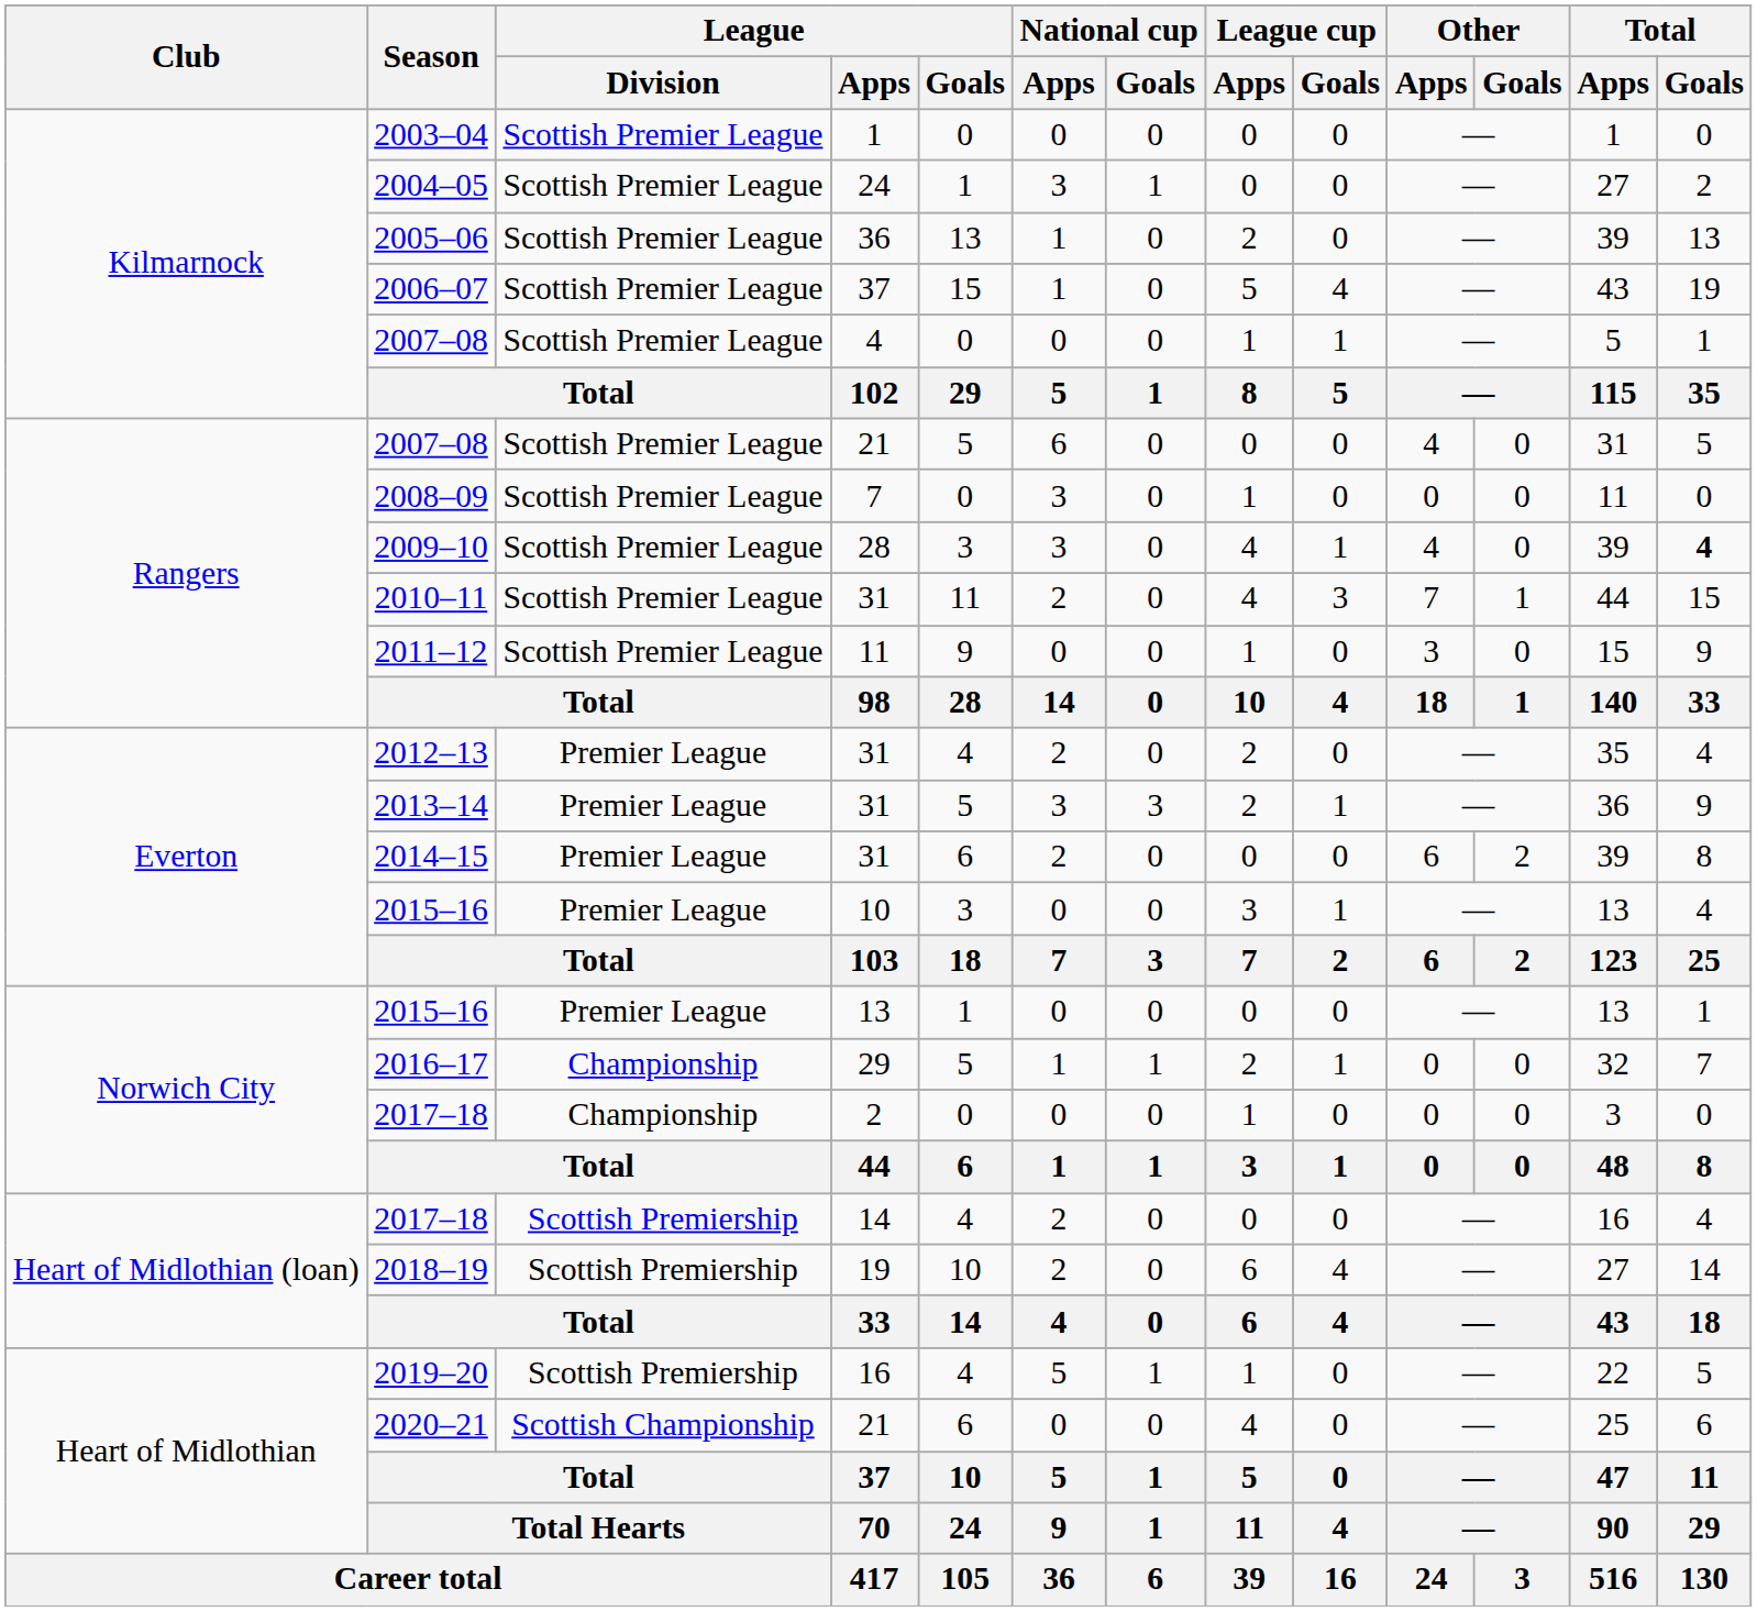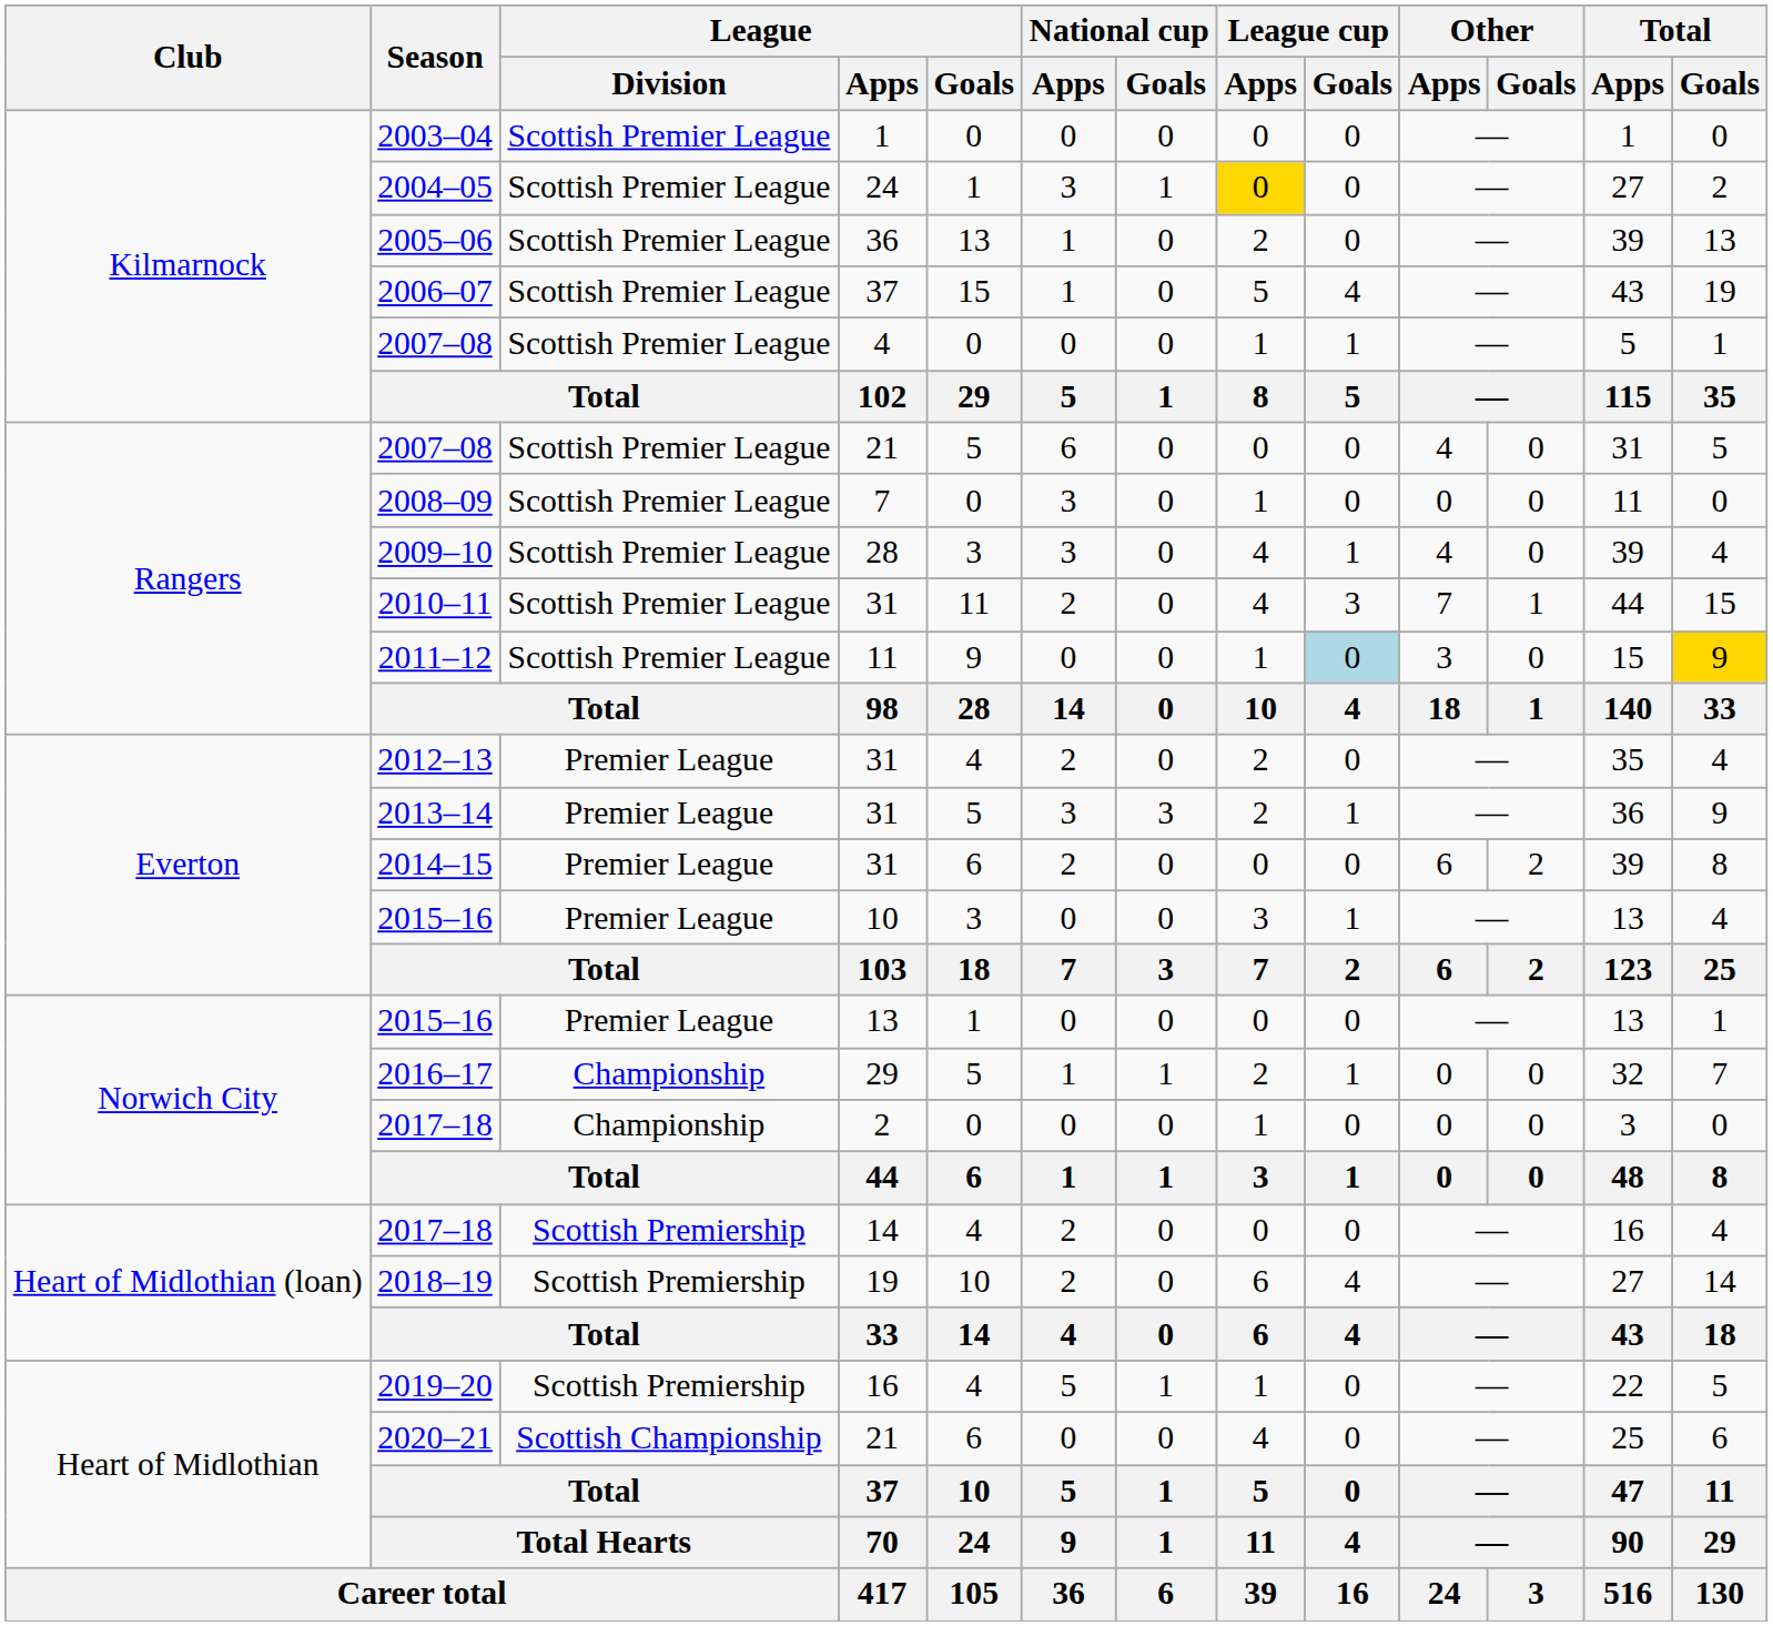 <table class="wikitable" style="text-align:center">
 <tr>
 <th rowspan="2">Club</th>
 <th rowspan="2">Season</th>
 <th colspan="3">League</th>
 <th colspan="2">National cup</th>
 <th colspan="2">League cup</th>
 <th colspan="2">Other</th>
 <th colspan="2">Total</th>
 </tr>
 <tr>
 <th>Division</th>
 <th>Apps</th>
 <th>Goals</th>
 <th>Apps</th>
 <th>Goals</th>
 <th>Apps</th>
 <th>Goals</th>
 <th>Apps</th>
 <th>Goals</th>
 <th>Apps</th>
 <th>Goals</th>
 </tr>
 <tr>
 <td rowspan="6"><a href='#'>Kilmarnock</a></td>
 <td><a href='#'>2003–04</a></td>
 <td><a href='#'>Scottish Premier League</a></td>
 <td>1</td>
 <td>0</td>
 <td>0</td>
 <td>0</td>
 <td>0</td>
 <td>0</td>
 <td colspan="2">—</td>
 <td>1</td>
 <td>0</td>
 </tr>
 <tr>
 <td><a href='#'>2004–05</a></td>
 <td>Scottish Premier League</td>
 <td>24</td>
 <td>1</td>
 <td>3</td>
 <td>1</td>
-<td>0</td>
+<td style="background: gold;">0</td>
 <td>0</td>
 <td colspan="2">—</td>
 <td>27</td>
 <td>2</td>
 </tr>
 <tr>
 <td><a href='#'>2005–06</a></td>
 <td>Scottish Premier League</td>
 <td>36</td>
 <td>13</td>
 <td>1</td>
 <td>0</td>
 <td>2</td>
 <td>0</td>
 <td colspan="2">—</td>
 <td>39</td>
 <td>13</td>
 </tr>
 <tr>
 <td><a href='#'>2006–07</a></td>
 <td>Scottish Premier League</td>
 <td>37</td>
 <td>15</td>
 <td>1</td>
 <td>0</td>
 <td>5</td>
 <td>4</td>
 <td colspan="2">—</td>
 <td>43</td>
 <td>19</td>
 </tr>
 <tr>
 <td><a href='#'>2007–08</a></td>
 <td>Scottish Premier League</td>
 <td>4</td>
 <td>0</td>
 <td>0</td>
 <td>0</td>
 <td>1</td>
 <td>1</td>
 <td colspan="2">—</td>
 <td>5</td>
 <td>1</td>
 </tr>
 <tr>
 <th colspan="2">Total</th>
 <th>102</th>
 <th>29</th>
 <th>5</th>
 <th>1</th>
 <th>8</th>
 <th>5</th>
 <th colspan="2">—</th>
 <th>115</th>
 <th>35</th>
 </tr>
 <tr>
 <td rowspan="6"><a href='#'>Rangers</a></td>
 <td><a href='#'>2007–08</a></td>
 <td>Scottish Premier League</td>
 <td>21</td>
 <td>5</td>
 <td>6</td>
 <td>0</td>
 <td>0</td>
 <td>0</td>
 <td>4</td>
 <td>0</td>
 <td>31</td>
 <td>5</td>
 </tr>
 <tr>
 <td><a href='#'>2008–09</a></td>
 <td>Scottish Premier League</td>
 <td>7</td>
 <td>0</td>
 <td>3</td>
 <td>0</td>
 <td>1</td>
 <td>0</td>
 <td>0</td>
 <td>0</td>
 <td>11</td>
 <td>0</td>
 </tr>
 <tr>
 <td><a href='#'>2009–10</a></td>
 <td>Scottish Premier League</td>
 <td>28</td>
 <td>3</td>
 <td>3</td>
 <td>0</td>
 <td>4</td>
 <td>1</td>
 <td>4</td>
 <td>0</td>
 <td>39</td>
-<td><strong>4</strong></td>
+<td>4</td>
 </tr>
 <tr>
 <td><a href='#'>2010–11</a></td>
 <td>Scottish Premier League</td>
 <td>31</td>
 <td>11</td>
 <td>2</td>
 <td>0</td>
 <td>4</td>
 <td>3</td>
 <td>7</td>
 <td>1</td>
 <td>44</td>
 <td>15</td>
 </tr>
 <tr>
 <td><a href='#'>2011–12</a></td>
 <td>Scottish Premier League</td>
 <td>11</td>
 <td>9</td>
 <td>0</td>
 <td>0</td>
 <td>1</td>
-<td>0</td>
+<td style="background: lightblue;">0</td>
 <td>3</td>
 <td>0</td>
 <td>15</td>
-<td>9</td>
+<td style="background: gold;">9</td>
 </tr>
 <tr>
 <th colspan="2">Total</th>
 <th>98</th>
 <th>28</th>
 <th>14</th>
 <th>0</th>
 <th>10</th>
 <th>4</th>
 <th>18</th>
 <th>1</th>
 <th>140</th>
 <th>33</th>
 </tr>
 <tr>
 <td rowspan="5"><a href='#'>Everton</a></td>
 <td><a href='#'>2012–13</a></td>
 <td>Premier League</td>
 <td>31</td>
 <td>4</td>
 <td>2</td>
 <td>0</td>
 <td>2</td>
 <td>0</td>
 <td colspan="2">—</td>
 <td>35</td>
 <td>4</td>
 </tr>
 <tr>
 <td><a href='#'>2013–14</a></td>
 <td>Premier League</td>
 <td>31</td>
 <td>5</td>
 <td>3</td>
 <td>3</td>
 <td>2</td>
 <td>1</td>
 <td colspan="2">—</td>
 <td>36</td>
 <td>9</td>
 </tr>
 <tr>
 <td><a href='#'>2014–15</a></td>
 <td>Premier League</td>
 <td>31</td>
 <td>6</td>
 <td>2</td>
 <td>0</td>
 <td>0</td>
 <td>0</td>
 <td>6</td>
 <td>2</td>
 <td>39</td>
 <td>8</td>
 </tr>
 <tr>
 <td><a href='#'>2015–16</a></td>
 <td>Premier League</td>
 <td>10</td>
 <td>3</td>
 <td>0</td>
 <td>0</td>
 <td>3</td>
 <td>1</td>
 <td colspan="2">—</td>
 <td>13</td>
 <td>4</td>
 </tr>
 <tr>
 <th colspan="2">Total</th>
 <th>103</th>
 <th>18</th>
 <th>7</th>
 <th>3</th>
 <th>7</th>
 <th>2</th>
 <th>6</th>
 <th>2</th>
 <th>123</th>
 <th>25</th>
 </tr>
 <tr>
 <td rowspan="4"><a href='#'>Norwich City</a></td>
 <td><a href='#'>2015–16</a></td>
 <td>Premier League</td>
 <td>13</td>
 <td>1</td>
 <td>0</td>
 <td>0</td>
 <td>0</td>
 <td>0</td>
 <td colspan="2">—</td>
 <td>13</td>
 <td>1</td>
 </tr>
 <tr>
 <td><a href='#'>2016–17</a></td>
 <td><a href='#'>Championship</a></td>
 <td>29</td>
 <td>5</td>
 <td>1</td>
 <td>1</td>
 <td>2</td>
 <td>1</td>
 <td>0</td>
 <td>0</td>
 <td>32</td>
 <td>7</td>
 </tr>
 <tr>
 <td><a href='#'>2017–18</a></td>
 <td>Championship</td>
 <td>2</td>
 <td>0</td>
 <td>0</td>
 <td>0</td>
 <td>1</td>
 <td>0</td>
 <td>0</td>
 <td>0</td>
 <td>3</td>
 <td>0</td>
 </tr>
 <tr>
 <th colspan="2">Total</th>
 <th>44</th>
 <th>6</th>
 <th>1</th>
 <th>1</th>
 <th>3</th>
 <th>1</th>
 <th>0</th>
 <th>0</th>
 <th>48</th>
 <th>8</th>
 </tr>
 <tr>
 <td rowspan="3"><a href='#'>Heart of Midlothian</a> (loan)</td>
 <td><a href='#'>2017–18</a></td>
 <td><a href='#'>Scottish Premiership</a></td>
 <td>14</td>
 <td>4</td>
 <td>2</td>
 <td>0</td>
 <td>0</td>
 <td>0</td>
 <td colspan="2">—</td>
 <td>16</td>
 <td>4</td>
 </tr>
 <tr>
 <td><a href='#'>2018–19</a></td>
 <td>Scottish Premiership</td>
 <td>19</td>
 <td>10</td>
 <td>2</td>
 <td>0</td>
 <td>6</td>
 <td>4</td>
 <td colspan="2">—</td>
 <td>27</td>
 <td>14</td>
 </tr>
 <tr>
 <th colspan="2">Total</th>
 <th>33</th>
 <th>14</th>
 <th>4</th>
 <th>0</th>
 <th>6</th>
 <th>4</th>
 <th colspan="2">—</th>
 <th>43</th>
 <th>18</th>
 </tr>
 <tr>
 <td rowspan="4">Heart of Midlothian</td>
 <td><a href='#'>2019–20</a></td>
 <td>Scottish Premiership</td>
 <td>16</td>
 <td>4</td>
 <td>5</td>
 <td>1</td>
 <td>1</td>
 <td>0</td>
 <td colspan="2">—</td>
 <td>22</td>
 <td>5</td>
 </tr>
 <tr>
 <td><a href='#'>2020–21</a></td>
 <td><a href='#'>Scottish Championship</a></td>
 <td>21</td>
 <td>6</td>
 <td>0</td>
 <td>0</td>
 <td>4</td>
 <td>0</td>
 <td colspan="2">—</td>
 <td>25</td>
 <td>6</td>
 </tr>
 <tr>
 <th colspan="2">Total</th>
 <th>37</th>
 <th>10</th>
 <th>5</th>
 <th>1</th>
 <th>5</th>
 <th>0</th>
 <th colspan="2">—</th>
 <th>47</th>
 <th>11</th>
 </tr>
 <tr>
 <th colspan="2">Total Hearts</th>
 <th>70</th>
 <th>24</th>
 <th>9</th>
 <th>1</th>
 <th>11</th>
 <th>4</th>
 <th colspan="2">—</th>
 <th>90</th>
 <th>29</th>
 </tr>
 <tr>
 <th colspan="3">Career total</th>
 <th>417</th>
 <th>105</th>
 <th>36</th>
 <th>6</th>
 <th>39</th>
 <th>16</th>
 <th>24</th>
 <th>3</th>
 <th>516</th>
 <th>130</th>
 </tr>
 </table>
